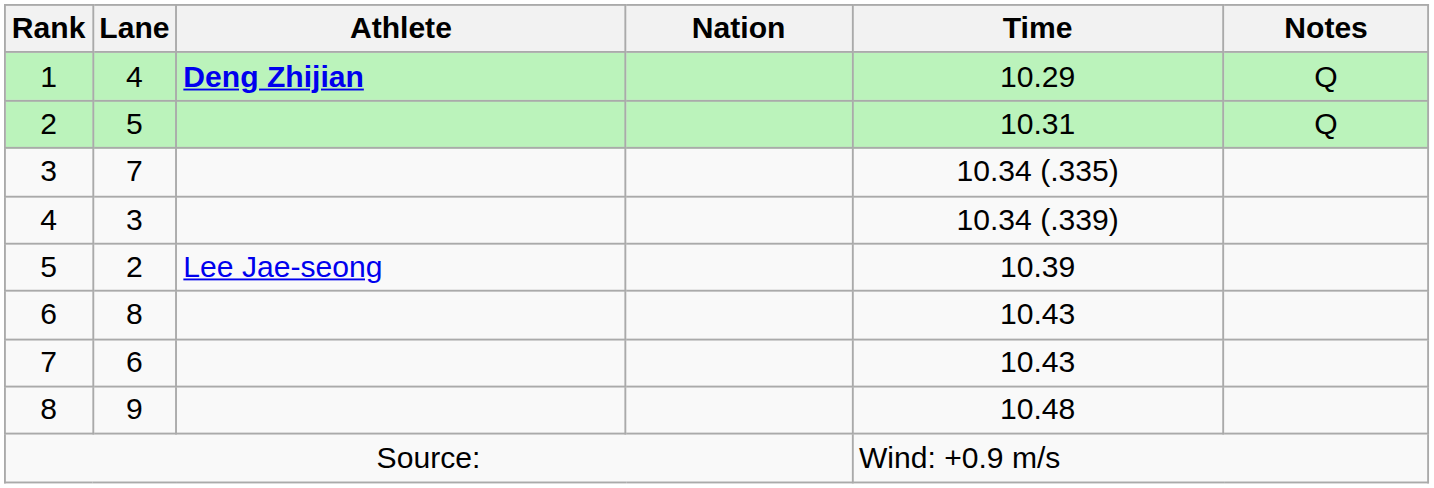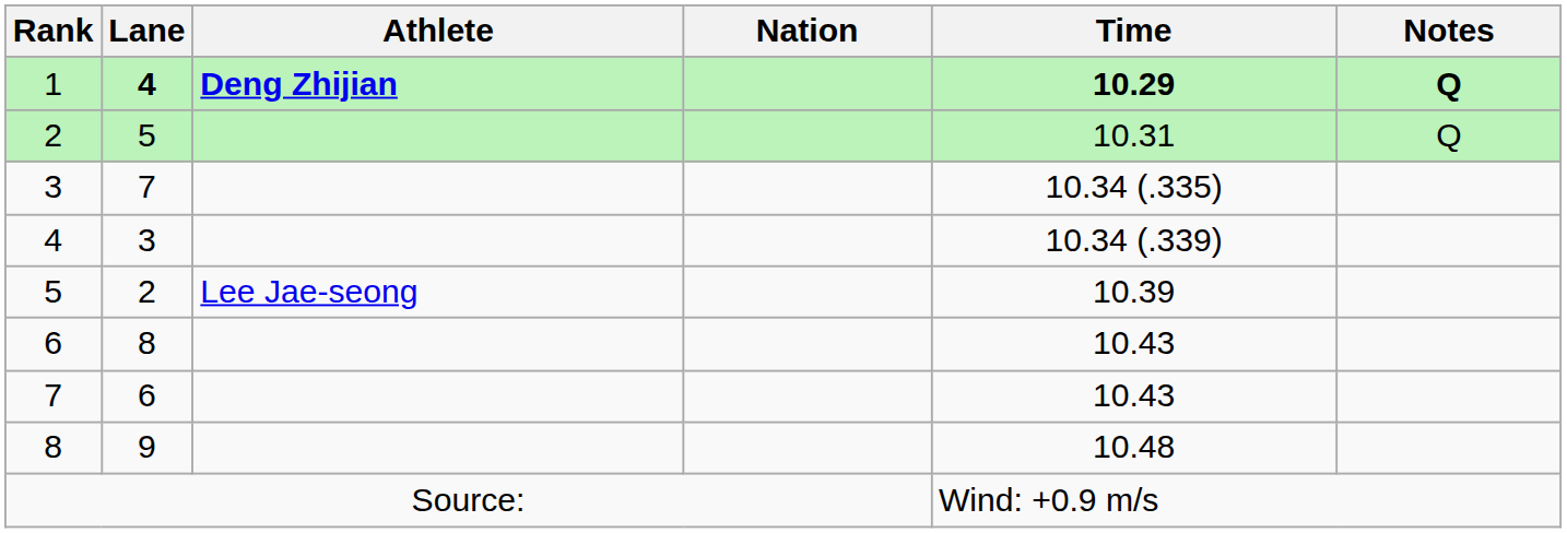 <table class="wikitable sortable" style="text-align:center;width: 60%;">
 <tr>
 <th scope="col" style="width: 10px;">Rank</th>
 <th scope="col" style="width: 10px;">Lane</th>
 <th scope="col">Athlete</th>
 <th scope="col">Nation</th>
 <th scope="col">Time</th>
 <th scope="col">Notes</th>
 </tr>
 <tr bgcolor=bbf3bb>
 <td>1</td>
-<td>4</td>
+<td><strong>4</strong></td>
 <td align=left><strong><a href='#'>Deng Zhijian</a></strong></td>
 <td align=left></td>
-<td>10.29</td>
-<td>Q</td>
+<td><strong>10.29</strong></td>
+<td><strong>Q</strong></td>
 </tr>
 <tr bgcolor=bbf3bb>
 <td>2</td>
 <td>5</td>
 <td align=left></td>
 <td align=left></td>
 <td>10.31</td>
 <td>Q</td>
 </tr>
 <tr>
 <td>3</td>
 <td>7</td>
 <td align=left></td>
 <td align=left></td>
 <td>10.34 (.335)</td>
 <td></td>
 </tr>
 <tr>
 <td>4</td>
 <td>3</td>
 <td align=left></td>
 <td align=left></td>
 <td>10.34 (.339)</td>
 <td></td>
 </tr>
 <tr>
 <td>5</td>
 <td>2</td>
 <td align=left><a href='#'>Lee Jae-seong</a></td>
 <td align=left></td>
 <td>10.39</td>
 <td></td>
 </tr>
 <tr>
 <td>6</td>
 <td>8</td>
 <td align=left></td>
 <td align=left></td>
 <td>10.43</td>
 <td></td>
 </tr>
 <tr>
 <td>7</td>
 <td>6</td>
 <td align=left></td>
 <td align=left></td>
 <td>10.43</td>
 <td></td>
 </tr>
 <tr>
 <td>8</td>
 <td>9</td>
 <td align=left></td>
 <td align=left></td>
 <td>10.48</td>
 <td></td>
 </tr>
 <tr class="sortbottom">
 <td colspan="4">Source:</td>
 <td colspan="2" style="text-align:left;">Wind: +0.9 m/s</td>
 </tr>
 </table>
